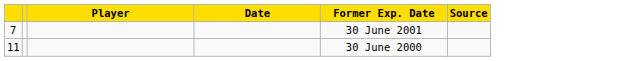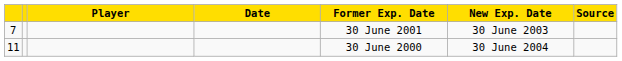 <table class="wikitable sortable">
 <tr>
 <th style="background:#FFDE00"></th>
 <th style="background:#FFDE00"></th>
 <th width=200 style="background:#FFDE00">Player</th>
 <th width=150 style="background:#FFDE00">Date</th>
 <th width=150 style="background:#FFDE00">Former Exp. Date</th>
+<th width=150 style="background:#FFDE00">New Exp. Date</th>
 <th style="background:#FFDE00">Source</th>
 </tr>
 <tr>
 <td align=center>7</td>
 <td align=center></td>
 <td></td>
 <td align=center></td>
 <td align=center>30 June 2001</td>
+<td align=center>30 June 2003</td>
 <td align=center></td>
 </tr>
 <tr>
 <td align=center>11</td>
 <td align=center></td>
 <td></td>
 <td align=center></td>
 <td align=center>30 June 2000</td>
+<td align=center>30 June 2004</td>
 <td align=center></td>
 </tr>
 </table>
